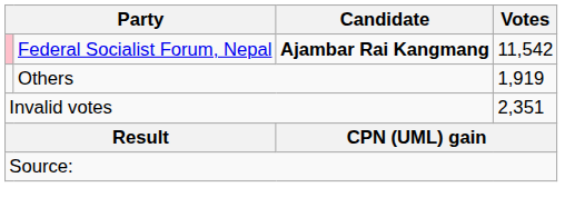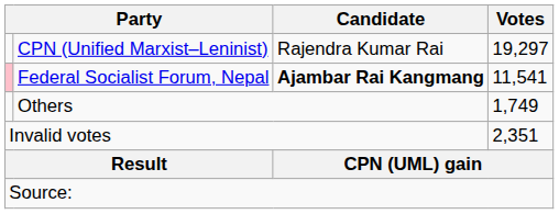 <table class="wikitable">
 <tr>
 <th colspan="2">Party</th>
 <th>Candidate</th>
 <th>Votes</th>
 </tr>
 <tr>
+<td style="background-color:"></td>
+<td><a href='#'>CPN (Unified Marxist–Leninist)</a></td>
+<td>Rajendra Kumar Rai</td>
+<td>19,297</td>
+</tr>
+<tr>
 <td style="background-color:#ffc0cb"></td>
 <td><a href='#'>Federal Socialist Forum, Nepal</a></td>
 <td><strong>Ajambar Rai Kangmang</strong></td>
-<td>11,542</td>
+<td>11,541</td>
 </tr>
 <tr>
 <td></td>
 <td colspan="2">Others</td>
-<td>1,919</td>
+<td>1,749</td>
 </tr>
 <tr>
 <td colspan="3">Invalid votes</td>
 <td>2,351</td>
 </tr>
 <tr>
 <th colspan="2">Result</th>
 <th colspan="2">CPN (UML) gain</th>
 </tr>
 <tr>
 <td colspan="4">Source: </td>
 </tr>
 </table>
